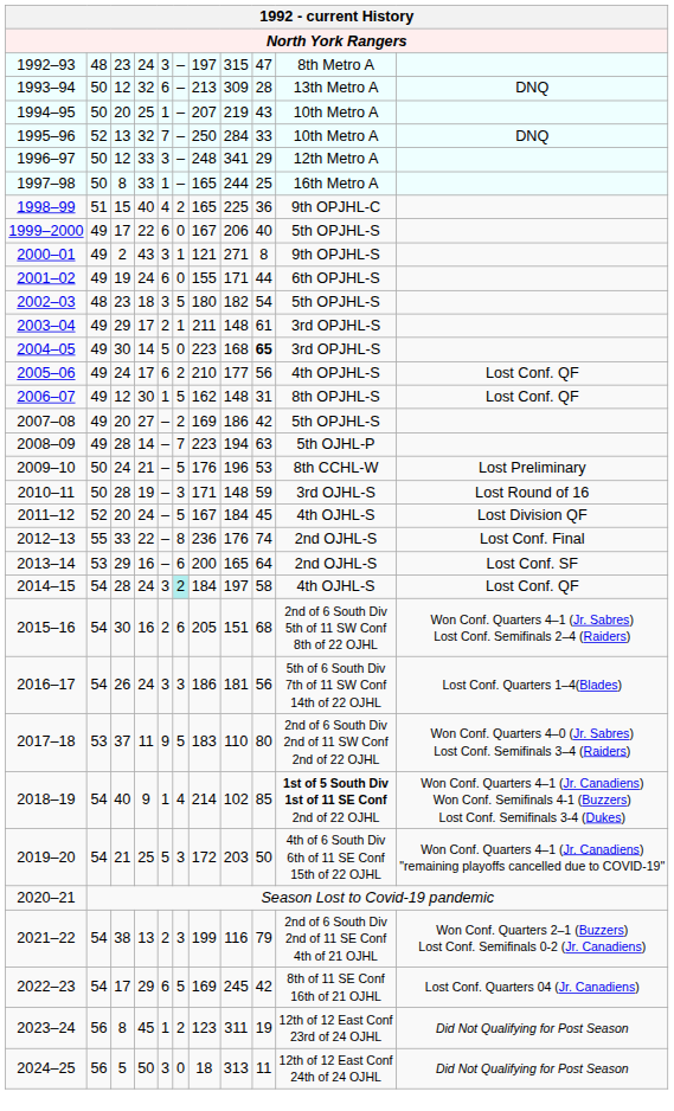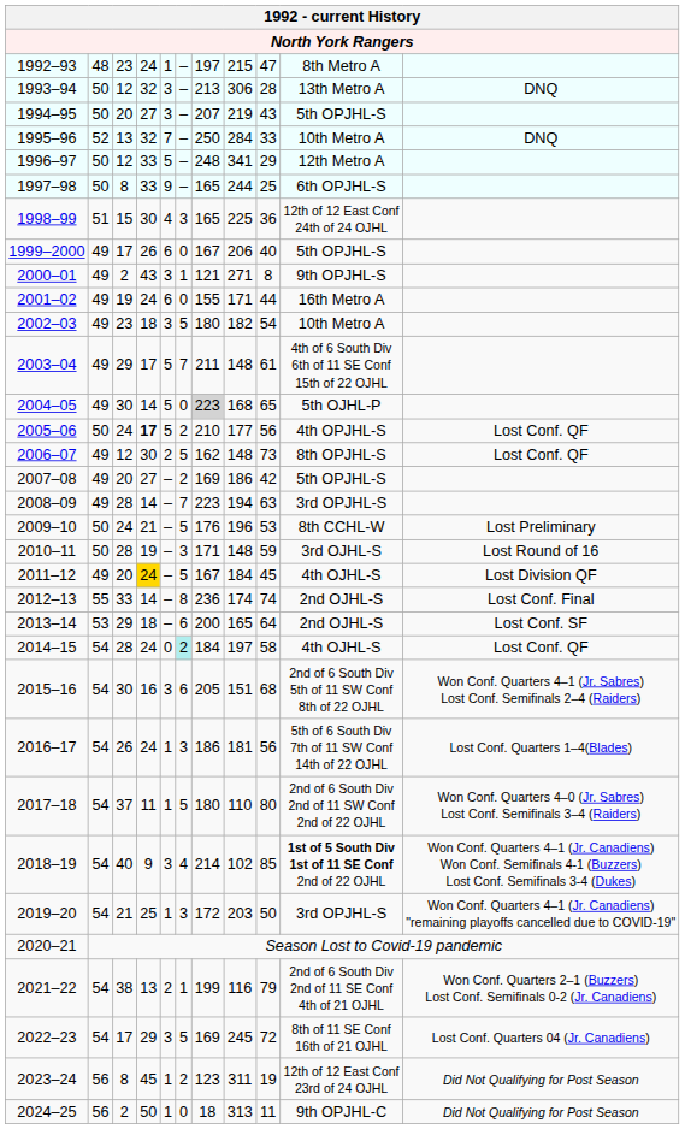 <table class="wikitable " style="text-align:center;">
 <tr>
 <th colspan=12 bgcolor="#822433" text_color=white><strong>1992 - current History</strong></th>
 </tr>
 <tr align="center"  bgcolor="#ffeeee">
 <td colspan="11"><strong><em>North York Rangers</em></strong></td>
 </tr>
 <tr align="center" bgcolor="#EEFFFF">
 <td>1992–93</td>
 <td>48</td>
 <td>23</td>
 <td>24</td>
-<td>3</td>
+<td>1</td>
 <td>–</td>
 <td>197</td>
-<td>315</td>
+<td>215</td>
 <td>47</td>
 <td>8th Metro A</td>
 <td></td>
 </tr>
 <tr align="center" bgcolor="#EEFFFF">
 <td>1993–94</td>
 <td>50</td>
 <td>12</td>
 <td>32</td>
-<td>6</td>
+<td>3</td>
 <td>–</td>
 <td>213</td>
-<td>309</td>
+<td>306</td>
 <td>28</td>
 <td>13th Metro A</td>
 <td>DNQ</td>
 </tr>
 <tr align="center" bgcolor="#EEFFFF">
 <td>1994–95</td>
 <td>50</td>
 <td>20</td>
-<td>25</td>
-<td>1</td>
+<td>27</td>
+<td>3</td>
 <td>–</td>
 <td>207</td>
 <td>219</td>
 <td>43</td>
-<td>10th Metro A</td>
+<td>5th OPJHL-S</td>
 <td></td>
 </tr>
 <tr align="center" bgcolor="#EEFFFF">
 <td>1995–96</td>
 <td>52</td>
 <td>13</td>
 <td>32</td>
 <td>7</td>
 <td>–</td>
 <td>250</td>
 <td>284</td>
 <td>33</td>
 <td>10th Metro A</td>
 <td>DNQ</td>
 </tr>
 <tr align="center" bgcolor="#EEFFFF">
 <td>1996–97</td>
 <td>50</td>
 <td>12</td>
 <td>33</td>
-<td>3</td>
+<td>5</td>
 <td>–</td>
 <td>248</td>
 <td>341</td>
 <td>29</td>
 <td>12th Metro A</td>
 <td></td>
 </tr>
 <tr align="center" bgcolor="#EEFFFF">
 <td>1997–98</td>
 <td>50</td>
 <td>8</td>
 <td>33</td>
-<td>1</td>
+<td>9</td>
 <td>–</td>
 <td>165</td>
 <td>244</td>
 <td>25</td>
-<td>16th Metro A</td>
+<td>6th OPJHL-S</td>
 <td></td>
 </tr>
 <tr align="center">
 <td><a href='#'>1998–99</a></td>
 <td>51</td>
 <td>15</td>
-<td>40</td>
+<td>30</td>
 <td>4</td>
-<td>2</td>
+<td>3</td>
 <td>165</td>
 <td>225</td>
 <td>36</td>
-<td>9th OPJHL-C</td>
+<td><small>12th of 12 East Conf<br>24th of 24 OJHL</small></td>
 <td></td>
 </tr>
 <tr align="center">
 <td><a href='#'>1999–2000</a></td>
 <td>49</td>
 <td>17</td>
-<td>22</td>
+<td>26</td>
 <td>6</td>
 <td>0</td>
 <td>167</td>
 <td>206</td>
 <td>40</td>
 <td>5th OPJHL-S</td>
 <td></td>
 </tr>
 <tr align="center">
 <td><a href='#'>2000–01</a></td>
 <td>49</td>
 <td>2</td>
 <td>43</td>
 <td>3</td>
 <td>1</td>
 <td>121</td>
 <td>271</td>
 <td>8</td>
 <td>9th OPJHL-S</td>
 <td></td>
 </tr>
 <tr align="center">
 <td><a href='#'>2001–02</a></td>
 <td>49</td>
 <td>19</td>
 <td>24</td>
 <td>6</td>
 <td>0</td>
 <td>155</td>
 <td>171</td>
 <td>44</td>
-<td>6th OPJHL-S</td>
+<td>16th Metro A</td>
 <td></td>
 </tr>
 <tr align="center">
 <td><a href='#'>2002–03</a></td>
-<td>48</td>
+<td>49</td>
 <td>23</td>
 <td>18</td>
 <td>3</td>
 <td>5</td>
 <td>180</td>
 <td>182</td>
 <td>54</td>
-<td>5th OPJHL-S</td>
+<td>10th Metro A</td>
 <td></td>
 </tr>
 <tr align="center">
 <td><a href='#'>2003–04</a></td>
 <td>49</td>
 <td>29</td>
 <td>17</td>
-<td>2</td>
-<td>1</td>
+<td>5</td>
+<td>7</td>
 <td>211</td>
 <td>148</td>
 <td>61</td>
-<td>3rd OPJHL-S</td>
+<td><small>4th of 6 South Div<br>6th of 11 SE Conf<br>15th of 22 OJHL</small></td>
 <td></td>
 </tr>
 <tr align="center">
 <td><a href='#'>2004–05</a></td>
 <td>49</td>
 <td>30</td>
 <td>14</td>
 <td>5</td>
 <td>0</td>
-<td>223</td>
+<td style="background: lightgrey;">223</td>
 <td>168</td>
-<td><strong>65</strong></td>
-<td>3rd OPJHL-S</td>
+<td>65</td>
+<td>5th OJHL-P</td>
 <td></td>
 </tr>
 <tr align="center">
 <td><a href='#'>2005–06</a></td>
-<td>49</td>
+<td>50</td>
 <td>24</td>
-<td>17</td>
-<td>6</td>
+<td><strong>17</strong></td>
+<td>5</td>
 <td>2</td>
 <td>210</td>
 <td>177</td>
 <td>56</td>
 <td>4th OPJHL-S</td>
 <td>Lost Conf. QF</td>
 </tr>
 <tr align="center">
 <td><a href='#'>2006–07</a></td>
 <td>49</td>
 <td>12</td>
 <td>30</td>
-<td>1</td>
+<td>2</td>
 <td>5</td>
 <td>162</td>
 <td>148</td>
-<td>31</td>
+<td>73</td>
 <td>8th OPJHL-S</td>
 <td>Lost Conf. QF</td>
 </tr>
 <tr align="center">
 <td>2007–08</td>
 <td>49</td>
 <td>20</td>
 <td>27</td>
 <td>–</td>
 <td>2</td>
 <td>169</td>
 <td>186</td>
 <td>42</td>
 <td>5th OPJHL-S</td>
 <td></td>
 </tr>
 <tr align="center">
 <td>2008–09</td>
 <td>49</td>
 <td>28</td>
 <td>14</td>
 <td>–</td>
 <td>7</td>
 <td>223</td>
 <td>194</td>
 <td>63</td>
-<td>5th OJHL-P</td>
+<td>3rd OPJHL-S</td>
 <td></td>
 </tr>
 <tr align="center">
 <td>2009–10</td>
 <td>50</td>
 <td>24</td>
 <td>21</td>
 <td>–</td>
 <td>5</td>
 <td>176</td>
 <td>196</td>
 <td>53</td>
 <td>8th CCHL-W</td>
 <td>Lost Preliminary</td>
 </tr>
 <tr align="center">
 <td>2010–11</td>
 <td>50</td>
 <td>28</td>
 <td>19</td>
 <td>–</td>
 <td>3</td>
 <td>171</td>
 <td>148</td>
 <td>59</td>
 <td>3rd OJHL-S</td>
 <td>Lost Round of 16</td>
 </tr>
 <tr align="center">
 <td>2011–12</td>
-<td>52</td>
+<td>49</td>
 <td>20</td>
-<td>24</td>
+<td style="background: gold;">24</td>
 <td>–</td>
 <td>5</td>
 <td>167</td>
 <td>184</td>
 <td>45</td>
 <td>4th OJHL-S</td>
 <td>Lost Division QF</td>
 </tr>
 <tr align="center">
 <td>2012–13</td>
 <td>55</td>
 <td>33</td>
-<td>22</td>
+<td>14</td>
 <td>–</td>
 <td>8</td>
 <td>236</td>
-<td>176</td>
+<td>174</td>
 <td>74</td>
 <td>2nd OJHL-S</td>
 <td>Lost Conf. Final</td>
 </tr>
 <tr align="center">
 <td>2013–14</td>
 <td>53</td>
 <td>29</td>
-<td>16</td>
+<td>18</td>
 <td>–</td>
 <td>6</td>
 <td>200</td>
 <td>165</td>
 <td>64</td>
 <td>2nd OJHL-S</td>
 <td>Lost Conf. SF</td>
 </tr>
 <tr align="center">
 <td>2014–15</td>
 <td>54</td>
 <td>28</td>
 <td>24</td>
-<td>3</td>
+<td>0</td>
 <td style="background: paleturquoise;">2</td>
 <td>184</td>
 <td>197</td>
 <td>58</td>
 <td>4th OJHL-S</td>
 <td>Lost Conf. QF</td>
 </tr>
 <tr align="center">
 <td>2015–16</td>
 <td>54</td>
 <td>30</td>
 <td>16</td>
-<td>2</td>
+<td>3</td>
 <td>6</td>
 <td>205</td>
 <td>151</td>
 <td>68</td>
 <td><small>2nd of 6 South Div<br>5th of 11 SW Conf<br>8th of 22 OJHL</small></td>
 <td><small>Won Conf. Quarters 4–1 (<a href='#'>Jr. Sabres</a>)<br>Lost Conf. Semifinals 2–4 (<a href='#'>Raiders</a>)</small></td>
 </tr>
 <tr align="center">
 <td>2016–17</td>
 <td>54</td>
 <td>26</td>
 <td>24</td>
-<td>3</td>
+<td>1</td>
 <td>3</td>
 <td>186</td>
 <td>181</td>
 <td>56</td>
 <td><small>5th of 6 South Div<br>7th of 11 SW Conf<br>14th of 22 OJHL</small></td>
 <td><small>Lost Conf. Quarters 1–4(<a href='#'>Blades</a>)</small></td>
 </tr>
 <tr align="center">
 <td>2017–18</td>
-<td>53</td>
+<td>54</td>
 <td>37</td>
 <td>11</td>
-<td>9</td>
+<td>1</td>
 <td>5</td>
-<td>183</td>
+<td>180</td>
 <td>110</td>
 <td>80</td>
 <td><small>2nd of 6 South Div<br>2nd of 11 SW Conf<br>2nd of 22 OJHL</small></td>
 <td><small>Won Conf. Quarters 4–0 (<a href='#'>Jr. Sabres</a>)<br>Lost Conf. Semifinals 3–4 (<a href='#'>Raiders</a>)</small></td>
 </tr>
 <tr align="center">
 <td>2018–19</td>
 <td>54</td>
 <td>40</td>
 <td>9</td>
-<td>1</td>
+<td>3</td>
 <td>4</td>
 <td>214</td>
 <td>102</td>
 <td>85</td>
 <td><small><strong>1st of 5 South Div<br>1st of 11 SE Conf</strong><br>2nd of 22 OJHL</small></td>
 <td><small>Won Conf. Quarters 4–1 (<a href='#'>Jr. Canadiens</a>)<br>Won Conf. Semifinals 4-1 (<a href='#'>Buzzers</a>)<br>Lost Conf. Semifinals 3-4 (<a href='#'>Dukes</a>)</small></td>
 </tr>
 <tr align="center">
 <td>2019–20</td>
 <td>54</td>
 <td>21</td>
 <td>25</td>
-<td>5</td>
+<td>1</td>
 <td>3</td>
 <td>172</td>
 <td>203</td>
 <td>50</td>
-<td><small>4th of 6 South Div<br>6th of 11 SE Conf<br>15th of 22 OJHL</small></td>
+<td>3rd OPJHL-S</td>
 <td><small>Won Conf. Quarters 4–1 (<a href='#'>Jr. Canadiens</a>)<br>"remaining playoffs cancelled due to COVID-19"</small></td>
 </tr>
 <tr align="center">
 <td>2020–21</td>
 <td colspan=10><em>Season Lost to Covid-19 pandemic</em></td>
 </tr>
 <tr align="center">
 <td>2021–22</td>
 <td>54</td>
 <td>38</td>
 <td>13</td>
 <td>2</td>
-<td>3</td>
+<td>1</td>
 <td>199</td>
 <td>116</td>
 <td>79</td>
 <td><small>2nd of 6 South Div<br>2nd of 11 SE Conf<br>4th of 21 OJHL</small></td>
 <td><small>Won Conf. Quarters 2–1 (<a href='#'>Buzzers</a>)<br>Lost Conf. Semifinals 0-2 (<a href='#'>Jr. Canadiens</a>)</small></td>
 </tr>
 <tr align="center">
 <td>2022–23</td>
 <td>54</td>
 <td>17</td>
 <td>29</td>
-<td>6</td>
+<td>3</td>
 <td>5</td>
 <td>169</td>
 <td>245</td>
-<td>42</td>
+<td>72</td>
 <td><small>8th of 11 SE Conf<br>16th of 21 OJHL</small></td>
 <td><small>Lost Conf. Quarters 04 (<a href='#'>Jr. Canadiens</a>)</small></td>
 </tr>
 <tr align="center">
 <td>2023–24</td>
 <td>56</td>
 <td>8</td>
 <td>45</td>
 <td>1</td>
 <td>2</td>
 <td>123</td>
 <td>311</td>
 <td>19</td>
 <td><small>12th of 12 East Conf<br>23rd of 24 OJHL</small></td>
 <td><small><em>Did Not Qualifying for Post Season</em></small></td>
 </tr>
 <tr align="center">
 <td>2024–25</td>
 <td>56</td>
-<td>5</td>
+<td>2</td>
 <td>50</td>
-<td>3</td>
+<td>1</td>
 <td>0</td>
 <td>18</td>
 <td>313</td>
 <td>11</td>
-<td><small>12th of 12 East Conf<br>24th of 24 OJHL</small></td>
+<td>9th OPJHL-C</td>
 <td><small><em>Did Not Qualifying for Post Season</em></small></td>
 </tr>
 </table>
